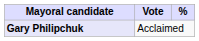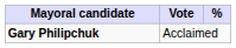 <table class="wikitable">
 <tr>
 <th style="background:#ddf; width:200px;">Mayoral candidate</th>
 <th style="background:#ddf; width:50px;">Vote</th>
 <th style="background:#ddf; width:30px;">%</th>
 </tr>
 <tr>
-<td style="background: lavender;"><strong>Gary Philipchuk</strong></td>
+<td><strong>Gary Philipchuk</strong></td>
 <td colspan="2">Acclaimed</td>
 </tr>
 </table>
